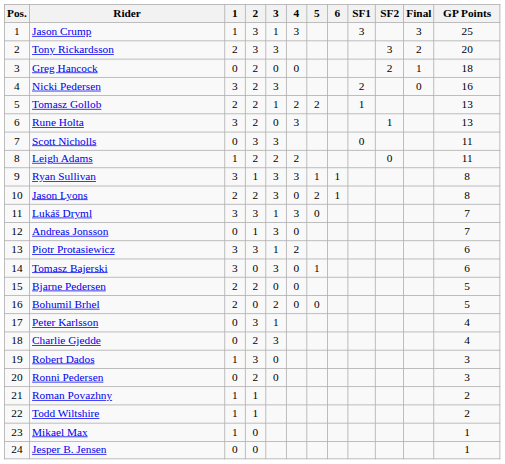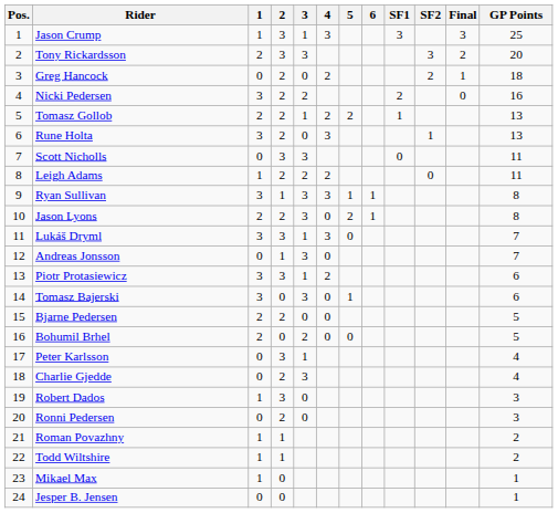 <table class=wikitable style="font-size:93%;">
 <tr>
 <th width=25px>Pos.</th>
 <th width=250px>Rider</th>
 <th width=20px>1</th>
 <th width=20px>2</th>
 <th width=20px>3</th>
 <th width=20px>4</th>
 <th width=20px>5</th>
 <th width=20px>6</th>
 <th width=30px>SF1</th>
 <th width=30px>SF2</th>
 <th width=30px>Final</th>
 <th width=80px>GP Points</th>
 </tr>
 <tr align=center style="background-color:">
 <td>1</td>
 <td align=left> <a href='#'>Jason Crump</a></td>
 <td>1</td>
 <td>3</td>
 <td>1</td>
 <td>3</td>
 <td></td>
 <td></td>
 <td>  3</td>
 <td></td>
 <td>3</td>
 <td>25</td>
 </tr>
 <tr align=center style="background-color:">
 <td>2</td>
 <td align=left> <a href='#'>Tony Rickardsson</a></td>
 <td>2</td>
 <td>3</td>
 <td>3</td>
 <td></td>
 <td></td>
 <td></td>
 <td></td>
 <td>3</td>
 <td>2</td>
 <td>20</td>
 </tr>
 <tr align=center style="background-color:">
 <td>3</td>
 <td align=left> <a href='#'>Greg Hancock</a></td>
 <td>0</td>
 <td>2</td>
 <td>0</td>
-<td>0</td>
+<td>2</td>
 <td></td>
 <td></td>
 <td></td>
 <td>2</td>
 <td>1</td>
 <td>18</td>
 </tr>
 <tr align=center>
 <td>4</td>
 <td align=left> <a href='#'>Nicki Pedersen</a></td>
 <td>3</td>
 <td>2</td>
-<td>3</td>
+<td>2</td>
 <td></td>
 <td></td>
 <td></td>
 <td>2</td>
 <td></td>
 <td>0</td>
 <td>16</td>
 </tr>
 <tr align=center>
 <td>5</td>
 <td align=left> <a href='#'>Tomasz Gollob</a></td>
 <td>2</td>
 <td>2</td>
 <td>1</td>
 <td>2</td>
 <td>2</td>
 <td></td>
 <td>1</td>
 <td></td>
 <td></td>
 <td>13</td>
 </tr>
 <tr align=center>
 <td>6</td>
 <td align=left> <a href='#'>Rune Holta</a></td>
 <td>3</td>
 <td>2</td>
 <td>0</td>
 <td>3</td>
 <td></td>
 <td></td>
 <td></td>
 <td>1</td>
 <td></td>
 <td>13</td>
 </tr>
 <tr align=center>
 <td>7</td>
 <td align=left> <a href='#'>Scott Nicholls</a></td>
 <td>0</td>
 <td>3</td>
 <td>3</td>
 <td></td>
 <td></td>
 <td></td>
 <td>0</td>
 <td></td>
 <td></td>
 <td>11</td>
 </tr>
 <tr align=center>
 <td>8</td>
 <td align=left> <a href='#'>Leigh Adams</a></td>
 <td>1</td>
 <td>2</td>
 <td>2</td>
 <td>2</td>
 <td></td>
 <td></td>
 <td></td>
 <td>0</td>
 <td></td>
 <td>11</td>
 </tr>
 <tr align=center>
 <td>9</td>
 <td align=left> <a href='#'>Ryan Sullivan</a></td>
 <td>3</td>
 <td>1</td>
 <td>3</td>
 <td>3</td>
 <td>1</td>
 <td>1</td>
 <td></td>
 <td></td>
 <td></td>
 <td>8</td>
 </tr>
 <tr align=center>
 <td>10</td>
 <td align=left> <a href='#'>Jason Lyons</a></td>
 <td>2</td>
 <td>2</td>
 <td>3</td>
 <td>0</td>
 <td>2</td>
 <td>1</td>
 <td></td>
 <td></td>
 <td></td>
 <td>8</td>
 </tr>
 <tr align=center>
 <td>11</td>
 <td align=left> <a href='#'>Lukáš Dryml</a></td>
 <td>3</td>
 <td>3</td>
 <td>1</td>
 <td>3</td>
 <td>0</td>
 <td></td>
 <td></td>
 <td></td>
 <td></td>
 <td>7</td>
 </tr>
 <tr align=center>
 <td>12</td>
 <td align=left> <a href='#'>Andreas Jonsson</a></td>
 <td>0</td>
 <td>1</td>
 <td>3</td>
 <td>0</td>
 <td></td>
 <td></td>
 <td></td>
 <td></td>
 <td></td>
 <td>7</td>
 </tr>
 <tr align=center>
 <td>13</td>
 <td align=left> <a href='#'>Piotr Protasiewicz</a></td>
 <td>3</td>
 <td>3</td>
 <td>1</td>
 <td>2</td>
 <td></td>
 <td></td>
 <td></td>
 <td></td>
 <td></td>
 <td>6</td>
 </tr>
 <tr align=center>
 <td>14</td>
 <td align=left> <a href='#'>Tomasz Bajerski</a></td>
 <td>3</td>
 <td>0</td>
 <td>3</td>
 <td>0</td>
 <td>1</td>
 <td></td>
 <td></td>
 <td></td>
 <td></td>
 <td>6</td>
 </tr>
 <tr align=center>
 <td>15</td>
 <td align=left> <a href='#'>Bjarne Pedersen</a></td>
 <td>2</td>
 <td>2</td>
 <td>0</td>
 <td>0</td>
 <td></td>
 <td></td>
 <td></td>
 <td></td>
 <td></td>
 <td>5</td>
 </tr>
 <tr align=center>
 <td>16</td>
 <td align=left> <a href='#'>Bohumil Brhel</a></td>
 <td>2</td>
 <td>0</td>
 <td>2</td>
 <td>0</td>
 <td>0</td>
 <td></td>
 <td></td>
 <td></td>
 <td></td>
 <td>5</td>
 </tr>
 <tr align=center>
 <td>17</td>
 <td align=left> <a href='#'>Peter Karlsson</a></td>
 <td>0</td>
 <td>3</td>
 <td>1</td>
 <td></td>
 <td></td>
 <td></td>
 <td></td>
 <td></td>
 <td></td>
 <td>4</td>
 </tr>
 <tr align=center>
 <td>18</td>
 <td align=left> <a href='#'>Charlie Gjedde</a></td>
 <td>0</td>
 <td>2</td>
 <td>3</td>
 <td></td>
 <td></td>
 <td></td>
 <td></td>
 <td></td>
 <td></td>
 <td>4</td>
 </tr>
 <tr align=center>
 <td>19</td>
 <td align=left> <a href='#'>Robert Dados</a></td>
 <td>1</td>
 <td>3</td>
 <td>0</td>
 <td></td>
 <td></td>
 <td></td>
 <td></td>
 <td></td>
 <td></td>
 <td>3</td>
 </tr>
 <tr align=center>
 <td>20</td>
 <td align=left> <a href='#'>Ronni Pedersen</a></td>
 <td>0</td>
 <td>2</td>
 <td>0</td>
 <td></td>
 <td></td>
 <td></td>
 <td></td>
 <td></td>
 <td></td>
 <td>3</td>
 </tr>
 <tr align=center>
 <td>21</td>
 <td align=left> <a href='#'>Roman Povazhny</a></td>
 <td>1</td>
 <td>1</td>
 <td></td>
 <td></td>
 <td></td>
 <td></td>
 <td></td>
 <td></td>
 <td></td>
 <td>2</td>
 </tr>
 <tr align=center>
 <td>22</td>
 <td align=left> <a href='#'>Todd Wiltshire</a></td>
 <td>1</td>
 <td>1</td>
 <td></td>
 <td></td>
 <td></td>
 <td></td>
 <td></td>
 <td></td>
 <td></td>
 <td>2</td>
 </tr>
 <tr align=center>
 <td>23</td>
 <td align=left> <a href='#'>Mikael Max</a></td>
 <td>1</td>
 <td>0</td>
 <td></td>
 <td></td>
 <td></td>
 <td></td>
 <td></td>
 <td></td>
 <td></td>
 <td>1</td>
 </tr>
 <tr align=center>
 <td>24</td>
 <td align=left> <a href='#'>Jesper B. Jensen</a></td>
 <td>0</td>
 <td>0</td>
 <td></td>
 <td></td>
 <td></td>
 <td></td>
 <td></td>
 <td></td>
 <td></td>
 <td>1</td>
 </tr>
 </table>
